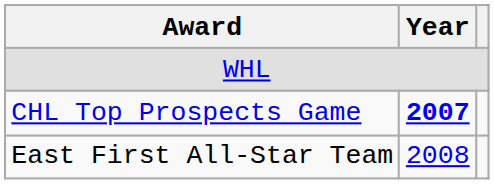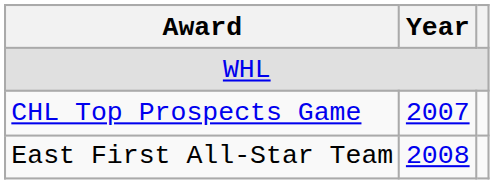 <table class="wikitable">
 <tr>
 <th>Award</th>
 <th>Year</th>
 <th></th>
 </tr>
 <tr ALIGN="center" bgcolor="#e0e0e0">
 <td colspan="3"><a href='#'>WHL</a></td>
 </tr>
 <tr>
 <td><a href='#'>CHL Top Prospects Game</a></td>
-<td><strong><a href='#'>2007</a></strong></td>
+<td><a href='#'>2007</a></td>
 <td></td>
 </tr>
 <tr>
 <td>East First All-Star Team</td>
 <td><a href='#'>2008</a></td>
 <td></td>
 </tr>
 </table>
